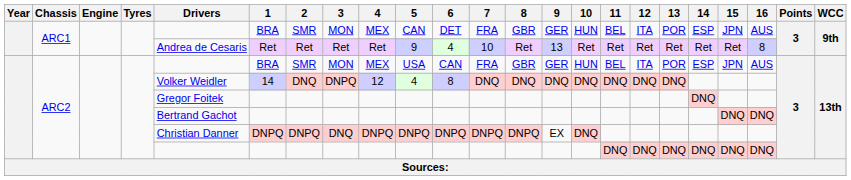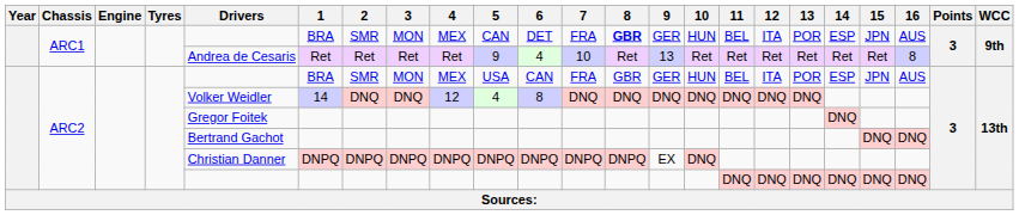 <table class="wikitable" style="text-align:center; font-size:85%">
 <tr>
 <th>Year</th>
 <th>Chassis</th>
 <th>Engine</th>
 <th>Tyres</th>
 <th>Drivers</th>
 <th>1</th>
 <th>2</th>
 <th>3</th>
 <th>4</th>
 <th>5</th>
 <th>6</th>
 <th>7</th>
 <th>8</th>
 <th>9</th>
 <th>10</th>
 <th>11</th>
 <th>12</th>
 <th>13</th>
 <th>14</th>
 <th>15</th>
 <th>16</th>
 <th>Points</th>
 <th>WCC</th>
 </tr>
 <tr>
 <th rowspan=2></th>
 <td rowspan=2><a href='#'>ARC1</a></td>
 <td rowspan=2></td>
 <td rowspan=2></td>
 <td></td>
 <td><a href='#'>BRA</a></td>
 <td><a href='#'>SMR</a></td>
 <td><a href='#'>MON</a></td>
 <td><a href='#'>MEX</a></td>
 <td><a href='#'>CAN</a></td>
 <td><a href='#'>DET</a></td>
 <td><a href='#'>FRA</a></td>
-<td><a href='#'>GBR</a></td>
+<td><strong><a href='#'>GBR</a></strong></td>
 <td><a href='#'>GER</a></td>
 <td><a href='#'>HUN</a></td>
 <td><a href='#'>BEL</a></td>
 <td><a href='#'>ITA</a></td>
 <td><a href='#'>POR</a></td>
 <td><a href='#'>ESP</a></td>
 <td><a href='#'>JPN</a></td>
 <td><a href='#'>AUS</a></td>
 <th rowspan=2>3</th>
 <th rowspan=2>9th</th>
 </tr>
 <tr>
 <td align=left> <a href='#'>Andrea de Cesaris</a></td>
 <td style="background:#EFCFFF;">Ret</td>
 <td style="background:#EFCFFF;">Ret</td>
 <td style="background:#EFCFFF;">Ret</td>
 <td style="background:#EFCFFF;">Ret</td>
 <td style="background:#CFCFFF;">9</td>
 <td style="background:#DFFFDF;">4</td>
 <td style="background:#CFCFFF;">10</td>
 <td style="background:#EFCFFF;">Ret</td>
 <td style="background:#CFCFFF;">13</td>
 <td style="background:#EFCFFF;">Ret</td>
 <td style="background:#EFCFFF;">Ret</td>
 <td style="background:#EFCFFF;">Ret</td>
 <td style="background:#EFCFFF;">Ret</td>
 <td style="background:#EFCFFF;">Ret</td>
 <td style="background:#EFCFFF;">Ret</td>
 <td style="background:#CFCFFF;">8</td>
 </tr>
 <tr>
 <th rowspan=6></th>
 <td rowspan=6><a href='#'>ARC2</a></td>
 <td rowspan=6></td>
 <td rowspan=6></td>
 <td></td>
 <td><a href='#'>BRA</a></td>
 <td><a href='#'>SMR</a></td>
 <td><a href='#'>MON</a></td>
 <td><a href='#'>MEX</a></td>
 <td><a href='#'>USA</a></td>
 <td><a href='#'>CAN</a></td>
 <td><a href='#'>FRA</a></td>
 <td><a href='#'>GBR</a></td>
 <td><a href='#'>GER</a></td>
 <td><a href='#'>HUN</a></td>
 <td><a href='#'>BEL</a></td>
 <td><a href='#'>ITA</a></td>
 <td><a href='#'>POR</a></td>
 <td><a href='#'>ESP</a></td>
 <td><a href='#'>JPN</a></td>
 <td><a href='#'>AUS</a></td>
 <th rowspan=6>3</th>
 <th rowspan=6>13th</th>
 </tr>
 <tr>
 <td align=left> <a href='#'>Volker Weidler</a></td>
 <td style="background:#CFCFFF;">14</td>
 <td style="background:#FFCFCF;">DNQ</td>
-<td style="background:#FFCFCF;">DNPQ</td>
+<td style="background:#FFCFCF;">DNQ</td>
 <td style="background:#CFCFFF;">12</td>
 <td style="background:#DFFFDF;">4</td>
 <td style="background:#CFCFFF;">8</td>
 <td style="background:#FFCFCF;">DNQ</td>
 <td style="background:#FFCFCF;">DNQ</td>
 <td style="background:#FFCFCF;">DNQ</td>
 <td style="background:#FFCFCF;">DNQ</td>
 <td style="background:#FFCFCF;">DNQ</td>
 <td style="background:#FFCFCF;">DNQ</td>
 <td style="background:#FFCFCF;">DNQ</td>
 <td></td>
 <td></td>
 <td></td>
 </tr>
 <tr>
 <td align=left> <a href='#'>Gregor Foitek</a></td>
 <td></td>
 <td></td>
 <td></td>
 <td></td>
 <td></td>
 <td></td>
 <td></td>
 <td></td>
 <td></td>
 <td></td>
 <td></td>
 <td></td>
 <td></td>
 <td style="background:#FFCFCF;">DNQ</td>
 <td></td>
 <td></td>
 </tr>
 <tr>
 <td align=left> <a href='#'>Bertrand Gachot</a></td>
 <td></td>
 <td></td>
 <td></td>
 <td></td>
 <td></td>
 <td></td>
 <td></td>
 <td></td>
 <td></td>
 <td></td>
 <td></td>
 <td></td>
 <td></td>
 <td></td>
 <td style="background:#FFCFCF;">DNQ</td>
 <td style="background:#FFCFCF;">DNQ</td>
 </tr>
 <tr>
 <td align=left> <a href='#'>Christian Danner</a></td>
 <td style="background:#FFCFCF;">DNPQ</td>
 <td style="background:#FFCFCF;">DNPQ</td>
-<td style="background:#FFCFCF;">DNQ</td>
+<td style="background:#FFCFCF;">DNPQ</td>
 <td style="background:#FFCFCF;">DNPQ</td>
 <td style="background:#FFCFCF;">DNPQ</td>
 <td style="background:#FFCFCF;">DNPQ</td>
 <td style="background:#FFCFCF;">DNPQ</td>
 <td style="background:#FFCFCF;">DNPQ</td>
 <td>EX</td>
 <td style="background:#FFCFCF;">DNQ</td>
 <td></td>
 <td></td>
 <td></td>
 <td></td>
 <td></td>
 <td></td>
 </tr>
 <tr>
 <td align=left></td>
 <td></td>
 <td></td>
 <td></td>
 <td></td>
 <td></td>
 <td></td>
 <td></td>
 <td></td>
 <td></td>
 <td></td>
 <td style="background:#FFCFCF;">DNQ</td>
 <td style="background:#FFCFCF;">DNQ</td>
 <td style="background:#FFCFCF;">DNQ</td>
 <td style="background:#FFCFCF;">DNQ</td>
 <td style="background:#FFCFCF;">DNQ</td>
 <td style="background:#FFCFCF;">DNQ</td>
 </tr>
 <tr>
 <th align="center" colspan="23">Sources:</th>
 </tr>
 </table>
